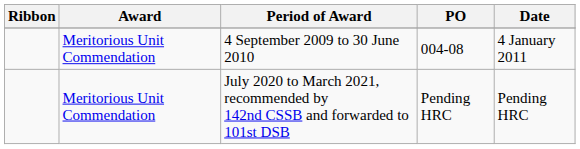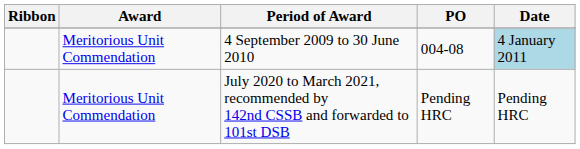 <table class="wikitable">
 <tr style="background:#efefef;">
 <th>Ribbon</th>
 <th>Award</th>
 <th>Period of Award</th>
 <th>PO</th>
 <th>Date</th>
 </tr>
 <tr>
 </tr>
 <tr>
 <td></td>
 <td><a href='#'>Meritorious Unit Commendation</a></td>
 <td>4 September 2009 to 30 June 2010</td>
 <td>004-08</td>
-<td>4 January 2011</td>
+<td style="background: lightblue;">4 January 2011</td>
 </tr>
 <tr>
 <td></td>
 <td><a href='#'>Meritorious Unit Commendation</a></td>
 <td>July 2020 to March 2021, recommended by<br><a href='#'>142nd CSSB</a> and forwarded to <a href='#'>101st DSB</a></td>
 <td>Pending HRC</td>
 <td>Pending HRC</td>
 </tr>
 </table>
